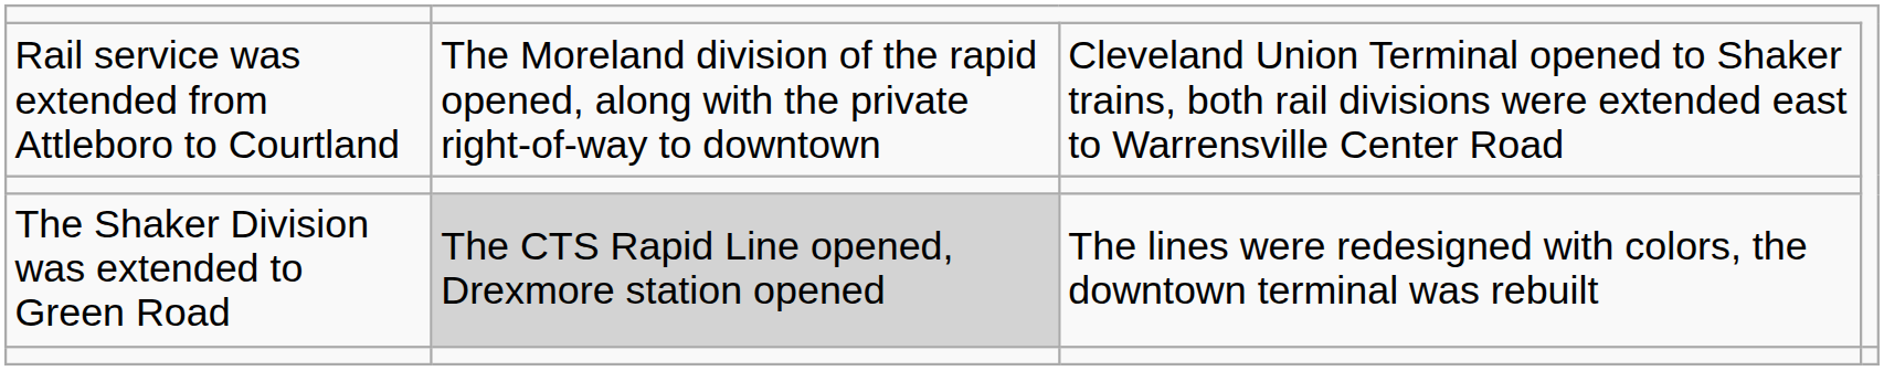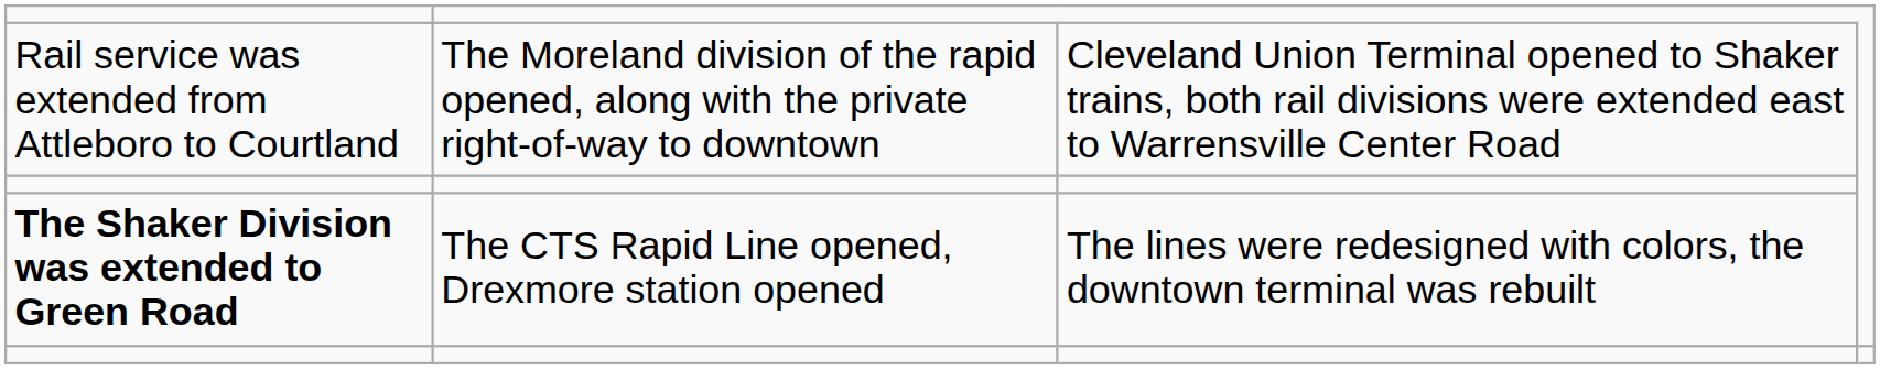 <table class="wikitable mw-collapsible mw-collapsed" width=60% valign=top>
 <tr>
 <td></td>
 </tr>
 <tr>
 <td>Rail service was extended from Attleboro to Courtland</td>
 <td>The Moreland division of the rapid opened, along with the private right-of-way to downtown</td>
 <td>Cleveland Union Terminal opened to Shaker trains, both rail divisions were extended east to Warrensville Center Road</td>
 </tr>
 <tr>
 <td></td>
 <td></td>
 <td></td>
 </tr>
 <tr>
-<td>The Shaker Division was extended to Green Road</td>
-<td style="background: lightgrey;">The CTS Rapid Line opened, Drexmore station opened</td>
+<td><strong>The Shaker Division was extended to Green Road</strong></td>
+<td>The CTS Rapid Line opened, Drexmore station opened</td>
 <td>The lines were redesigned with colors, the downtown terminal was rebuilt</td>
 </tr>
 <tr>
 <td></td>
 <td></td>
 <td></td>
 <td></td>
 </tr>
 </table>
